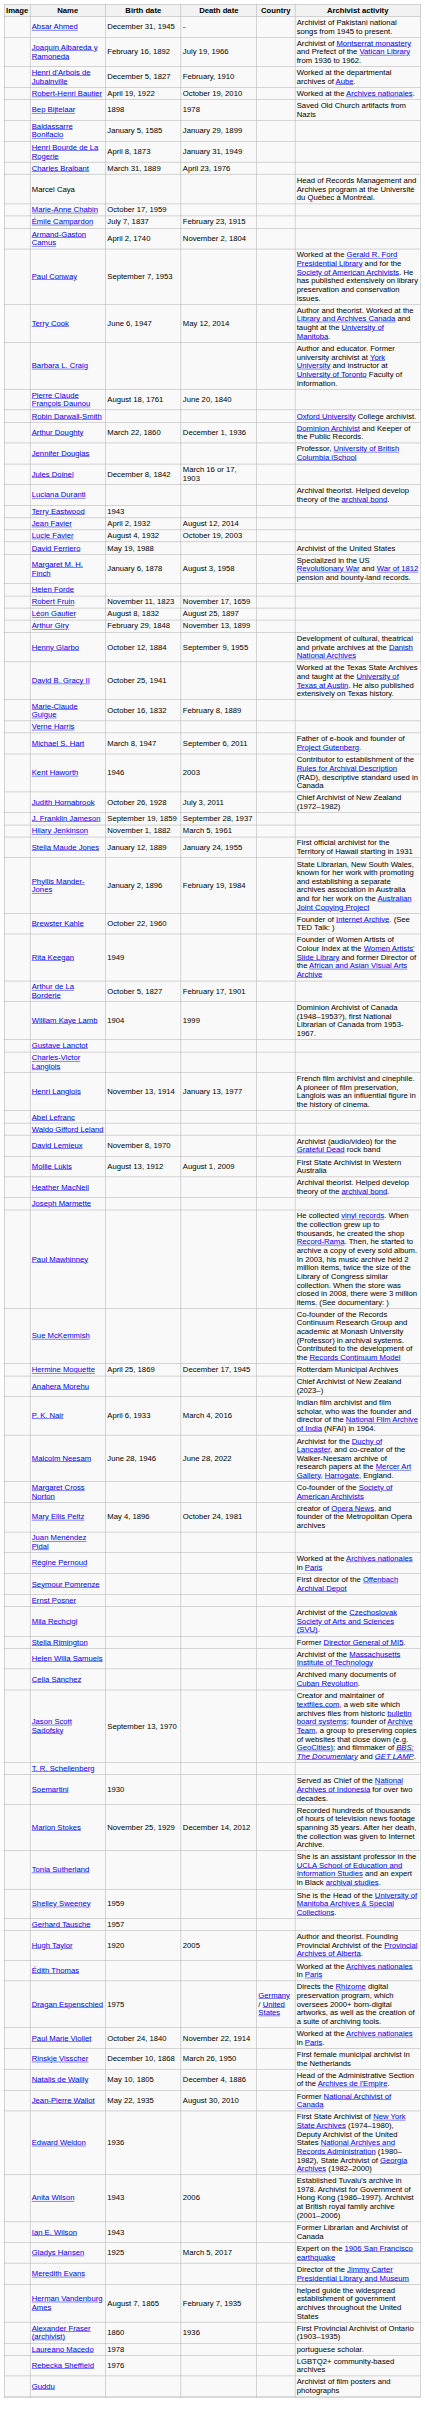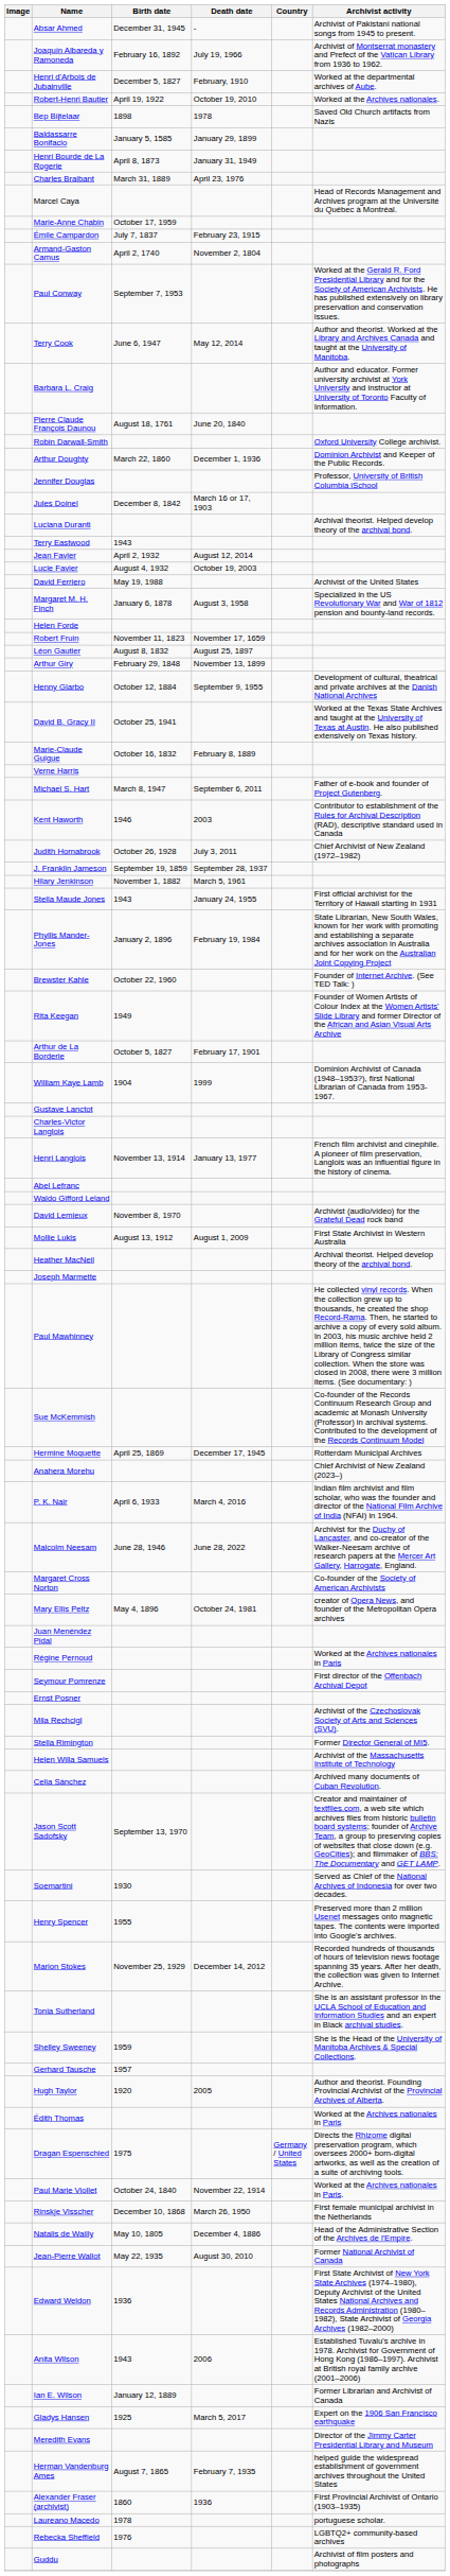 <table class="wikitable sortable">
 <tr>
 <th>Image</th>
 <th width=150px>Name</th>
 <th width=150px>Birth date</th>
 <th width=150px>Death date</th>
 <th>Country</th>
 <th>Archivist activity</th>
 </tr>
 <tr>
 <td></td>
 <td><a href='#'>Absar Ahmed</a></td>
 <td data-sort-value="1945-12-31">December 31, 1945</td>
 <td ->-</td>
 <td></td>
 <td>Archivist of Pakistani national songs from 1945 to present.</td>
 </tr>
 <tr>
 <td></td>
 <td><a href='#'>Joaquín Albareda y Ramoneda</a></td>
 <td data-sort-value="1892-02-16">February 16, 1892</td>
 <td data-sort-value="1966-07-19">July 19, 1966</td>
 <td></td>
 <td>Archivist of <a href='#'>Montserrat monastery</a> and Prefect of the <a href='#'>Vatican Library</a> from 1936 to 1962.</td>
 </tr>
 <tr>
 <td></td>
 <td><a href='#'>Henri d'Arbois de Jubainville</a></td>
 <td data-sort-value="1827-12-05">December 5, 1827</td>
 <td data-sort-value="1910-02">February, 1910</td>
 <td></td>
 <td>Worked at the departmental archives of <a href='#'>Aube</a>.</td>
 </tr>
 <tr>
 <td></td>
 <td><a href='#'>Robert-Henri Bautier</a></td>
 <td data-sort-value="1922-04-19">April 19, 1922</td>
 <td data-sort-value="2010-10-19">October 19, 2010</td>
 <td></td>
 <td>Worked at the <a href='#'>Archives nationales</a>.</td>
 </tr>
 <tr>
 <td></td>
 <td><a href='#'>Bep Bijtelaar</a></td>
 <td>1898</td>
 <td>1978</td>
 <td></td>
 <td>Saved Old Church artifacts from Nazis</td>
 </tr>
 <tr>
 <td></td>
 <td><a href='#'>Baldassarre Bonifacio</a></td>
 <td data-sort-value="">January 5, 1585</td>
 <td data-sort-value="">January 29, 1899</td>
 <td></td>
 <td></td>
 </tr>
 <tr>
 <td></td>
 <td><a href='#'>Henri Bourde de La Rogerie</a></td>
 <td data-sort-value="1873-04-08">April 8, 1873</td>
 <td data-sort-value="1949-01-31">January 31, 1949</td>
 <td></td>
 <td></td>
 </tr>
 <tr>
 <td></td>
 <td><a href='#'>Charles Braibant</a></td>
 <td data-sort-value="1889-03-31">March 31, 1889</td>
 <td data-sort-value="1976-04-23">April 23, 1976</td>
 <td></td>
 <td></td>
 </tr>
 <tr>
 <td></td>
 <td>Marcel Caya</td>
 <td data-sort-value=""></td>
 <td data-sort-value=""></td>
 <td></td>
 <td>Head of Records Management and Archives program at the Université du Québec à Montréal.</td>
 </tr>
 <tr>
 <td></td>
 <td><a href='#'>Marie-Anne Chabin</a></td>
 <td data-sort-value="1959">October 17, 1959</td>
 <td data-sort-value="-"></td>
 <td></td>
 <td></td>
 </tr>
 <tr>
 <td></td>
 <td><a href='#'>Émile Campardon</a></td>
 <td data-sort-value="1837-07-18">July 7, 1837</td>
 <td data-sort-value="1915-02-23">February 23, 1915</td>
 <td></td>
 <td></td>
 </tr>
 <tr>
 <td></td>
 <td><a href='#'>Armand-Gaston Camus</a></td>
 <td data-sort-value="1740-04-02">April 2, 1740</td>
 <td data-sort-value="1804-11-02">November 2, 1804</td>
 <td></td>
 <td></td>
 </tr>
 <tr>
 <td></td>
 <td><a href='#'>Paul Conway</a></td>
 <td data-sort-value="1953-09-07">September 7, 1953</td>
 <td data-sort-value="-"></td>
 <td></td>
 <td>Worked at the <a href='#'>Gerald R. Ford Presidential Library</a> and for the <a href='#'>Society of American Archivists</a>. He has published extensively on library preservation and conservation issues.</td>
 </tr>
 <tr>
 <td></td>
 <td><a href='#'>Terry Cook</a></td>
 <td data-sort-value="1946">June 6, 1947</td>
 <td data-sort-value="2014">May 12, 2014</td>
 <td></td>
 <td>Author and theorist. Worked at the <a href='#'>Library and Archives Canada</a> and taught at the <a href='#'>University of Manitoba</a>.</td>
 </tr>
 <tr>
 <td></td>
 <td><a href='#'>Barbara L. Craig</a></td>
 <td data-sort-value=""></td>
 <td data-sort-value=""></td>
 <td></td>
 <td>Author and educator. Former university archivist at <a href='#'>York University</a> and instructor at <a href='#'>University of Toronto</a> Faculty of Information.</td>
 </tr>
 <tr>
 <td></td>
 <td><a href='#'>Pierre Claude François Daunou</a></td>
 <td data-sort-value="1761-08-18">August 18, 1761</td>
 <td data-sort-value="1840-06-20">June 20, 1840</td>
 <td></td>
 <td></td>
 </tr>
 <tr>
 <td></td>
 <td><a href='#'>Robin Darwall-Smith</a></td>
 <td data-sort-value=""></td>
 <td data-sort-value=""></td>
 <td></td>
 <td><a href='#'>Oxford University</a> College archivist.</td>
 </tr>
 <tr>
 <td></td>
 <td><a href='#'>Arthur Doughty</a></td>
 <td data-sort-value="1860-03-22">March 22, 1860</td>
 <td data-sort-value="1936-12-01">December 1, 1936</td>
 <td></td>
 <td><a href='#'>Dominion Archivist</a> and Keeper of the Public Records.</td>
 </tr>
 <tr>
 <td></td>
 <td><a href='#'>Jennifer Douglas</a></td>
 <td data-sort-value=""></td>
 <td data-sort-value=""></td>
 <td></td>
 <td>Professor, <a href='#'>University of British Columbia iSchool</a></td>
 </tr>
 <tr>
 <td></td>
 <td><a href='#'>Jules Doinel</a></td>
 <td data-sort-value="1842-12-08">December 8, 1842</td>
 <td data-sort-value="">March 16 or 17, 1903</td>
 <td></td>
 <td></td>
 </tr>
 <tr>
 <td></td>
 <td><a href='#'>Luciana Duranti</a></td>
 <td data-sort-value=""></td>
 <td data-sort-value=""></td>
 <td></td>
 <td>Archival theorist. Helped develop theory of the <a href='#'>archival bond</a>.</td>
 </tr>
 <tr>
 <td></td>
 <td><a href='#'>Terry Eastwood</a></td>
 <td data-sort-value="">1943</td>
 <td data-sort-value=""></td>
 <td></td>
 <td></td>
 </tr>
 <tr>
 <td></td>
 <td><a href='#'>Jean Favier</a></td>
 <td data-sort-value="">April 2, 1932</td>
 <td data-sort-value="">August 12, 2014</td>
 <td></td>
 <td></td>
 </tr>
 <tr>
 <td></td>
 <td><a href='#'>Lucie Favier</a></td>
 <td data-sort-value="">August 4, 1932</td>
 <td data-sort-value="">October 19, 2003</td>
 <td></td>
 <td></td>
 </tr>
 <tr>
 <td></td>
 <td><a href='#'>David Ferriero</a></td>
 <td data-sort-value="1988-05-19">May 19, 1988</td>
 <td data-sort-value=""></td>
 <td></td>
 <td>Archivist of the United States</td>
 </tr>
 <tr>
 <td></td>
 <td><a href='#'>Margaret M. H. Finch</a></td>
 <td data-sort-value="1878-01-6">January 6, 1878</td>
 <td data-sort-value="1958-08-03">August 3, 1958</td>
 <td></td>
 <td>Specialized in the US <a href='#'>Revolutionary War</a> and <a href='#'>War of 1812</a> pension and bounty-land records.</td>
 </tr>
 <tr>
 <td></td>
 <td><a href='#'>Helen Forde</a></td>
 <td data-sort-value=""></td>
 <td data-sort-value=""></td>
 <td></td>
 <td></td>
 </tr>
 <tr>
 <td></td>
 <td><a href='#'>Robert Fruin</a></td>
 <td data-sort-value="">November 11, 1823</td>
 <td data-sort-value="">November 17, 1659</td>
 <td></td>
 <td></td>
 </tr>
 <tr>
 <td></td>
 <td><a href='#'>Léon Gautier</a></td>
 <td data-sort-value="">August 8, 1832</td>
 <td data-sort-value="">August 25, 1897</td>
 <td></td>
 <td></td>
 </tr>
 <tr>
 <td></td>
 <td><a href='#'>Arthur Giry</a></td>
 <td data-sort-value="">February 29, 1848</td>
 <td data-sort-value="">November 13, 1899</td>
 <td></td>
 <td></td>
 </tr>
 <tr>
 <td></td>
 <td><a href='#'>Henny Glarbo</a></td>
 <td data-sort-value="">October 12, 1884</td>
 <td data-sort-value="">September 9, 1955</td>
 <td></td>
 <td>Development of cultural, theatrical and private archives at the <a href='#'>Danish National Archives</a></td>
 </tr>
 <tr>
 <td></td>
 <td><a href='#'>David B. Gracy II</a></td>
 <td data-sort-value="1941-10-25">October 25, 1941</td>
 <td data-sort-value="-"></td>
 <td></td>
 <td>Worked at the Texas State Archives and taught at the <a href='#'>University of Texas at Austin</a>. He also published extensively on Texas history.</td>
 </tr>
 <tr>
 <td></td>
 <td><a href='#'>Marie-Claude Guigue</a></td>
 <td data-sort-value="">October 16, 1832</td>
 <td data-sort-value="">February 8, 1889</td>
 <td></td>
 <td></td>
 </tr>
 <tr>
 <td></td>
 <td><a href='#'>Verne Harris</a></td>
 <td data-sort-value=""></td>
 <td data-sort-value=""></td>
 <td></td>
 <td></td>
 </tr>
 <tr>
 <td></td>
 <td><a href='#'>Michael S. Hart</a></td>
 <td data-sort-value="1947-03-08">March 8, 1947</td>
 <td data-sort-value="2011-09-06">September 6, 2011</td>
 <td></td>
 <td>Father of e-book and founder of <a href='#'>Project Gutenberg</a>.</td>
 </tr>
 <tr>
 <td></td>
 <td><a href='#'>Kent Haworth</a></td>
 <td data-sort-value="">1946</td>
 <td data-sort-value="">2003</td>
 <td></td>
 <td>Contributor to establishment of the <a href='#'>Rules for Archival Description</a> (RAD), descriptive standard used in Canada</td>
 </tr>
 <tr>
 <td></td>
 <td><a href='#'>Judith Hornabrook</a></td>
 <td>October 26, 1928</td>
 <td>July 3, 2011</td>
 <td></td>
 <td>Chief Archivist of New Zealand (1972–1982)</td>
 </tr>
 <tr>
 <td></td>
 <td><a href='#'>J. Franklin Jameson</a></td>
 <td data-sort-value="">September 19, 1859</td>
 <td data-sort-value="">September 28, 1937</td>
 <td></td>
 <td></td>
 </tr>
 <tr>
 <td></td>
 <td><a href='#'>Hilary Jenkinson</a></td>
 <td data-sort-value="">November 1, 1882</td>
 <td data-sort-value="">March 5, 1961</td>
 <td></td>
 <td></td>
 </tr>
 <tr>
 <td></td>
 <td><a href='#'>Stella Maude Jones</a></td>
-<td data-sort-value="">January 12, 1889</td>
+<td data-sort-value="">1943</td>
 <td data-sort-value="">January 24, 1955</td>
 <td><br></td>
 <td>First official archivist for the Territory of Hawaii starting in 1931</td>
 </tr>
 <tr>
 <td></td>
 <td><a href='#'>Phyllis Mander-Jones</a></td>
 <td data-sort-value="">January 2, 1896</td>
 <td data-sort-value="">February 19, 1984</td>
 <td></td>
 <td>State Librarian, New South Wales, known for her work with promoting and establishing a separate archives association in Australia and for her work on the <a href='#'>Australian Joint Copying Project</a></td>
 </tr>
 <tr>
 <td></td>
 <td><a href='#'>Brewster Kahle</a></td>
 <td data-sort-value="1960-10-22">October 22, 1960</td>
 <td data-sort-value="-"></td>
 <td></td>
 <td>Founder of <a href='#'>Internet Archive</a>. (See TED Talk: )</td>
 </tr>
 <tr>
 <td></td>
 <td><a href='#'>Rita Keegan</a></td>
 <td data-sort-value="1949">1949</td>
 <td data-sort-value="-"></td>
 <td></td>
 <td>Founder of Women Artists of Colour Index at the <a href='#'>Women Artists' Slide Library</a> and former Director of the <a href='#'>African and Asian Visual Arts Archive</a></td>
 </tr>
 <tr>
 <td></td>
 <td><a href='#'>Arthur de La Borderie</a></td>
 <td data-sort-value="">October 5, 1827</td>
 <td data-sort-value="">February 17, 1901</td>
 <td></td>
 <td></td>
 </tr>
 <tr>
 <td></td>
 <td><a href='#'>William Kaye Lamb</a></td>
 <td data-sort-value="">1904</td>
 <td data-sort-value="">1999</td>
 <td></td>
 <td>Dominion Archivist of Canada (1948–1953?), first National Librarian of Canada from 1953-1967.</td>
 </tr>
 <tr>
 <td></td>
 <td><a href='#'>Gustave Lanctot</a></td>
 <td data-sort-value=""></td>
 <td data-sort-value=""></td>
 <td></td>
 <td></td>
 </tr>
 <tr>
 <td></td>
 <td><a href='#'>Charles-Victor Langlois</a></td>
 <td data-sort-value=""></td>
 <td data-sort-value=""></td>
 <td></td>
 <td></td>
 </tr>
 <tr>
 <td></td>
 <td><a href='#'>Henri Langlois</a></td>
 <td data-sort-value="1914-11-13">November 13, 1914</td>
 <td data-sort-value="1977-01-13">January 13, 1977</td>
 <td></td>
 <td>French film archivist and cinephile. A pioneer of film preservation, Langlois was an influential figure in the history of cinema.</td>
 </tr>
 <tr>
 <td></td>
 <td><a href='#'>Abel Lefranc</a></td>
 <td data-sort-value=""></td>
 <td data-sort-value=""></td>
 <td></td>
 <td></td>
 </tr>
 <tr>
 <td></td>
 <td><a href='#'>Waldo Gifford Leland</a></td>
 <td data-sort-value=""></td>
 <td data-sort-value=""></td>
 <td></td>
 <td></td>
 </tr>
 <tr>
 <td></td>
 <td><a href='#'>David Lemieux</a></td>
 <td data-sort-value="1970-11-08">November 8, 1970</td>
 <td data-sort-value=""></td>
 <td></td>
 <td>Archivist (audio/video) for the <a href='#'>Grateful Dead</a> rock band</td>
 </tr>
 <tr>
 <td></td>
 <td><a href='#'>Mollie Lukis</a></td>
 <td data-sort-value="">August 13, 1912</td>
 <td data-sort-value="">August 1, 2009</td>
 <td></td>
 <td>First State Archivist in Western Australia</td>
 </tr>
 <tr>
 <td></td>
 <td><a href='#'>Heather MacNeil</a></td>
 <td data-sort-value=""></td>
 <td data-sort-value=""></td>
 <td></td>
 <td>Archival theorist. Helped develop theory of the <a href='#'>archival bond</a>.</td>
 </tr>
 <tr>
 <td></td>
 <td><a href='#'>Joseph Marmette</a></td>
 <td data-sort-value=""></td>
 <td data-sort-value=""></td>
 <td></td>
 <td></td>
 </tr>
 <tr>
 <td></td>
 <td><a href='#'>Paul Mawhinney</a></td>
 <td data-sort-value=""></td>
 <td data-sort-value=""></td>
 <td></td>
 <td>He collected <a href='#'>vinyl records</a>. When the collection grew up to thousands, he created the shop <a href='#'>Record-Rama</a>. Then, he started to archive a copy of every sold album. In 2003, his music archive held 2 million items, twice the size of the Library of Congress similar collection. When the store was closed in 2008, there were 3 million items. (See documentary: )</td>
 </tr>
 <tr>
 <td></td>
 <td><a href='#'>Sue McKemmish</a></td>
 <td data-sort-value=""></td>
 <td data-sort-value=""></td>
 <td></td>
 <td>Co-founder of the Records Continuum Research Group and academic at Monash University (Professor) in archival systems. Contributed to the development of the <a href='#'>Records Continuum Model</a></td>
 </tr>
 <tr>
 <td></td>
 <td><a href='#'>Hermine Moquette</a></td>
 <td>April 25, 1869</td>
 <td>December 17, 1945</td>
 <td></td>
 <td>Rotterdam Municipal Archives</td>
 </tr>
 <tr>
 <td></td>
 <td><a href='#'>Anahera Morehu</a></td>
 <td></td>
 <td></td>
 <td></td>
 <td>Chief Archivist of New Zealand (2023–)</td>
 </tr>
 <tr>
 <td></td>
 <td><a href='#'>P. K. Nair</a></td>
 <td data-sort-value="1933-04-06">April 6, 1933</td>
 <td data-sort-value="2016-03-04">March 4, 2016</td>
 <td></td>
 <td>Indian film archivist and film scholar, who was the founder and director of the <a href='#'>National Film Archive of India</a> (NFAI) in 1964.</td>
 </tr>
 <tr>
 <td></td>
 <td><a href='#'>Malcolm Neesam</a></td>
 <td data-sort-value="1946-06-28">June 28, 1946</td>
 <td data-sort-value="2022-06-28">June 28, 2022</td>
 <td></td>
 <td>Archivist for the <a href='#'>Duchy of Lancaster</a>, and co-creator of the Walker-Neesam archive of research papers at the <a href='#'>Mercer Art Gallery</a>, <a href='#'>Harrogate</a>, England.</td>
 </tr>
 <tr>
 <td></td>
 <td><a href='#'>Margaret Cross Norton</a></td>
 <td data-sort-value=""></td>
 <td data-sort-value=""></td>
 <td></td>
 <td>Co-founder of the <a href='#'>Society of American Archivists</a></td>
 </tr>
 <tr>
 <td></td>
 <td><a href='#'>Mary Ellis Peltz</a></td>
 <td data-sort-value="1896-05-04">May 4, 1896</td>
 <td data-sort-value="1981-10-24">October 24, 1981</td>
 <td></td>
 <td>creator of <a href='#'>Opera News</a>, and founder of the Metropolitan Opera archives</td>
 </tr>
 <tr>
 <td></td>
 <td><a href='#'>Juan Menéndez Pidal</a></td>
 <td data-sort-value=""></td>
 <td data-sort-value=""></td>
 <td></td>
 <td></td>
 </tr>
 <tr>
 <td></td>
 <td><a href='#'>Régine Pernoud</a></td>
 <td data-sort-value=""></td>
 <td data-sort-value=""></td>
 <td></td>
 <td>Worked at the <a href='#'>Archives nationales</a> in <a href='#'>Paris</a></td>
 </tr>
 <tr>
 <td></td>
 <td><a href='#'>Seymour Pomrenze</a></td>
 <td data-sort-value="1915-09-01"></td>
 <td data-sort-value="2011-08-25"></td>
 <td></td>
 <td>First director of the <a href='#'>Offenbach Archival Depot</a></td>
 </tr>
 <tr>
 <td></td>
 <td><a href='#'>Ernst Posner</a></td>
 <td data-sort-value=""></td>
 <td data-sort-value=""></td>
 <td></td>
 <td></td>
 </tr>
 <tr>
 <td></td>
 <td><a href='#'>Mila Rechcigl</a></td>
 <td data-sort-value=""></td>
 <td data-sort-value=""></td>
 <td></td>
 <td>Archivist of the <a href='#'>Czechoslovak Society of Arts and Sciences (SVU)</a>.</td>
 </tr>
 <tr>
 <td></td>
 <td><a href='#'>Stella Rimington</a></td>
 <td data-sort-value=""></td>
 <td data-sort-value=""></td>
 <td></td>
 <td>Former <a href='#'>Director General of MI5</a>.</td>
 </tr>
 <tr>
 <td></td>
 <td><a href='#'>Helen Willa Samuels</a></td>
 <td data-sort-value="1943"></td>
 <td data-sort-value=""></td>
 <td></td>
 <td>Archivist of the <a href='#'>Massachusetts Institute of Technology</a></td>
 </tr>
 <tr>
 <td></td>
 <td><a href='#'>Celia Sánchez</a></td>
 <td data-sort-value=""></td>
 <td data-sort-value=""></td>
 <td></td>
 <td>Archived many documents of <a href='#'>Cuban Revolution</a>.</td>
 </tr>
 <tr>
 <td></td>
 <td><a href='#'>Jason Scott Sadofsky</a></td>
 <td data-sort-value="1970-09-13">September 13, 1970</td>
 <td data-sort-value="-"></td>
 <td></td>
 <td>Creator and maintainer of <a href='#'>textfiles.com</a>, a web site which archives files from historic <a href='#'>bulletin board systems</a>; founder of <a href='#'>Archive Team</a>, a group to preserving copies of websites that close down (e.g. <a href='#'>GeoCities</a>); and filmmaker of <em><a href='#'>BBS: The Documentary</a></em> and <em><a href='#'>GET LAMP</a></em>.</td>
 </tr>
 <tr>
 <td></td>
-<td><a href='#'>T. R. Schellenberg</a></td>
-<td data-sort-value=""></td>
-<td data-sort-value=""></td>
-<td></td>
-<td></td>
-</tr>
-<tr>
-<td></td>
 <td><a href='#'>Soemartini</a></td>
 <td data-sort-value="1930">1930</td>
 <td data-sort-value"-"></td>
 <td></td>
 <td>Served as Chief of the <a href='#'>National Archives of Indonesia</a> for over two decades.</td>
+</tr>
+<tr>
+<td></td>
+<td><a href='#'>Henry Spencer</a></td>
+<td data-sort-value="1955">1955</td>
+<td data-sort-value="-"></td>
+<td></td>
+<td>Preserved more than 2 million <a href='#'>Usenet</a> messages onto magnetic tapes. The contents were imported into Google's archives.</td>
 </tr>
 <tr>
 <td></td>
 <td><a href='#'>Marion Stokes</a></td>
 <td data-sort-value="1929-11-25">November 25, 1929</td>
 <td data-sort-value="2012-12-14">December 14, 2012</td>
 <td></td>
 <td>Recorded hundreds of thousands of hours of television news footage spanning 35 years. After her death, the collection was given to Internet Archive.</td>
 </tr>
 <tr>
 <td></td>
 <td><a href='#'>Tonia Sutherland</a></td>
 <td data-sort-value="-"></td>
 <td data-sort-value="-"></td>
 <td></td>
 <td>She is an assistant professor in the <a href='#'>UCLA School of Education and Information Studies</a> and an expert in Black <a href='#'>archival studies</a>.</td>
 </tr>
 <tr>
 <td></td>
 <td><a href='#'>Shelley Sweeney</a></td>
 <td data-sort-value="1959">1959</td>
 <td data-sort-value="-"></td>
 <td></td>
 <td>She is the Head of the <a href='#'>University of Manitoba Archives & Special Collections</a>.</td>
 </tr>
 <tr>
 <td></td>
 <td><a href='#'>Gerhard Tausche</a></td>
 <td data-sort-value="1957">1957</td>
 <td data-sort-value="-"></td>
 <td></td>
 <td></td>
 </tr>
 <tr>
 <td></td>
 <td><a href='#'>Hugh Taylor</a></td>
 <td>1920</td>
 <td>2005</td>
 <td></td>
 <td>Author and theorist. Founding Provincial Archivist of the <a href='#'>Provincial Archives of Alberta</a>.</td>
 </tr>
 <tr>
 <td></td>
 <td><a href='#'>Édith Thomas</a></td>
 <td data-sort-value=""></td>
 <td data-sort-value=""></td>
 <td></td>
 <td>Worked at the <a href='#'>Archives nationales</a> in <a href='#'>Paris</a></td>
 </tr>
 <tr>
 <td></td>
 <td><a href='#'>Dragan Espenschied</a></td>
 <td>1975</td>
 <td></td>
 <td><a href='#'>Germany</a> / <a href='#'>United States</a></td>
 <td>Directs the <a href='#'>Rhizome</a> digital preservation program, which oversees 2000+ born-digital artworks, as well as the creation of a suite of archiving tools.</td>
 </tr>
 <tr>
 <td></td>
 <td><a href='#'>Paul Marie Viollet</a></td>
 <td data-sort-value=1840-10-24"">October 24, 1840</td>
 <td data-sort-value="1914-11-22">November 22, 1914</td>
 <td></td>
 <td>Worked at the <a href='#'>Archives nationales</a> in <a href='#'>Paris</a>.</td>
 </tr>
 <tr>
 <td></td>
 <td><a href='#'>Rinskje Visscher</a></td>
 <td>December 10, 1868</td>
 <td>March 26, 1950</td>
 <td></td>
 <td>First female municipal archivist in the Netherlands</td>
 </tr>
 <tr>
 <td></td>
 <td><a href='#'>Natalis de Wailly</a></td>
 <td data-sort-value="1805-05-10">May 10, 1805</td>
 <td data-sort-value="1886-12-04">December 4, 1886</td>
 <td></td>
 <td>Head of the Administrative Section of the <a href='#'>Archives de l'Empire</a>.</td>
 </tr>
 <tr>
 <td></td>
 <td><a href='#'>Jean-Pierre Wallot</a></td>
 <td data-sort-value="">May 22, 1935</td>
 <td data-sort-value="">August 30, 2010</td>
 <td></td>
 <td>Former <a href='#'>National Archivist of Canada</a></td>
 </tr>
 <tr>
 <td></td>
 <td><a href='#'>Edward Weldon</a></td>
 <td data-sort-value="1936">1936</td>
 <td data-sort-value=""></td>
 <td></td>
 <td>First State Archivist of <a href='#'>New York State Archives</a> (1974–1980), Deputy Archivist of the United States <a href='#'>National Archives and Records Administration</a> (1980–1982), State Archivist of <a href='#'>Georgia Archives</a> (1982–2000)</td>
 </tr>
 <tr>
 <td></td>
 <td><a href='#'>Anita Wilson</a></td>
 <td>1943</td>
 <td>2006</td>
 <td></td>
 <td>Established Tuvalu's archive in 1978. Archivist for Government of Hong Kong (1986–1997). Archivist at British royal family archive (2001–2006)</td>
 </tr>
 <tr>
 <td></td>
 <td><a href='#'>Ian E. Wilson</a></td>
-<td data-sort-value="">1943</td>
+<td data-sort-value="">January 12, 1889</td>
 <td data-sort-value=""></td>
 <td></td>
 <td>Former Librarian and Archivist of Canada</td>
 </tr>
 <tr>
 <td></td>
 <td><a href='#'>Gladys Hansen</a></td>
 <td data-sort-value="1925">1925</td>
 <td data-sort-value="2017-03-05">March 5, 2017</td>
 <td></td>
 <td>Expert on the <a href='#'>1906 San Francisco earthquake</a></td>
 </tr>
 <tr>
 <td></td>
 <td><a href='#'>Meredith Evans</a></td>
 <td data-sort-value=""></td>
 <td data-sort-value=""></td>
 <td></td>
 <td>Director of the <a href='#'>Jimmy Carter Presidential Library and Museum</a></td>
 </tr>
 <tr>
 <td></td>
 <td><a href='#'>Herman Vandenburg Ames</a></td>
 <td data-sort-value="1865-08-07">August 7, 1865</td>
 <td data-sort-value="1935-02-04">February 7, 1935</td>
 <td></td>
 <td>helped guide the widespread establishment of government archives throughout the United States</td>
 </tr>
 <tr>
 <td></td>
 <td><a href='#'>Alexander Fraser (archivist)</a></td>
 <td>1860</td>
 <td>1936</td>
 <td></td>
 <td>First Provincial Archivist of Ontario (1903–1935)</td>
 </tr>
 <tr>
 <td></td>
 <td><a href='#'>Laureano Macedo</a></td>
 <td>1978</td>
 <td></td>
 <td></td>
 <td>portuguese scholar.</td>
 </tr>
 <tr>
 <td></td>
 <td><a href='#'>Rebecka Sheffield</a></td>
 <td>1976</td>
 <td></td>
 <td></td>
 <td>LGBTQ2+ community-based archives</td>
 </tr>
 <tr>
 <td></td>
 <td><a href='#'>Guddu</a></td>
 <td></td>
 <td></td>
 <td></td>
 <td>Archivist of film posters and photographs</td>
 </tr>
 <tr>
 </tr>
 </table>
